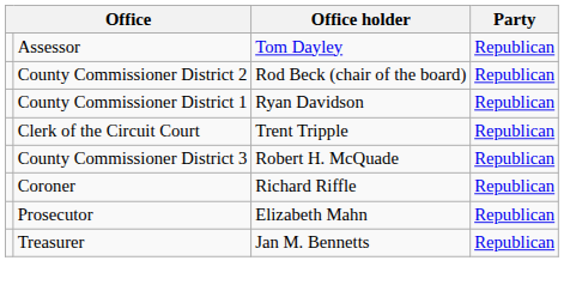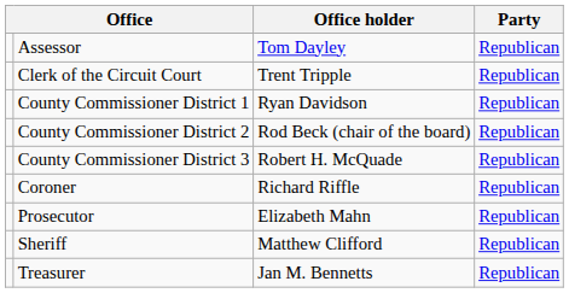 <table class="wikitable" style= margin:10px">
 <tr>
 <th colspan="2"  style="text-align:center; vertical-align:bottom;">Office</th>
 <th style="text-align:center;">Office holder</th>
 <th valign=bottom>Party</th>
 </tr>
 <tr>
 <td style="background-color:"></td>
 <td>Assessor</td>
 <td><a href='#'>Tom Dayley</a></td>
 <td style="text-align:center;"><a href='#'>Republican</a></td>
 </tr>
 <tr>
 <td style="background-color:"></td>
-<td>County Commissioner District 2</td>
-<td>Rod Beck (chair of the board)</td>
+<td>Clerk of the Circuit Court</td>
+<td>Trent Tripple</td>
 <td style="text-align:center;"><a href='#'>Republican</a></td>
 </tr>
 <tr>
 <td style="background-color:"></td>
 <td>County Commissioner District 1</td>
 <td>Ryan Davidson</td>
 <td style="text-align:center;"><a href='#'>Republican</a></td>
 </tr>
 <tr>
 <td style="background-color:"></td>
-<td>Clerk of the Circuit Court</td>
-<td>Trent Tripple</td>
+<td>County Commissioner District 2</td>
+<td>Rod Beck (chair of the board)</td>
 <td style="text-align:center;"><a href='#'>Republican</a></td>
 </tr>
 <tr>
 <td style="background-color:"></td>
 <td>County Commissioner District 3</td>
 <td>Robert H. McQuade</td>
 <td style="text-align:center;"><a href='#'>Republican</a></td>
 </tr>
 <tr>
 <td style="background-color:"></td>
 <td>Coroner</td>
 <td>Richard Riffle</td>
 <td style="text-align:center;"><a href='#'>Republican</a></td>
 </tr>
 <tr>
 <td style="background-color:"></td>
 <td>Prosecutor</td>
 <td>Elizabeth Mahn</td>
 <td style="text-align:center;"><a href='#'>Republican</a></td>
 </tr>
 <tr>
 <td style="background-color:"></td>
+<td>Sheriff</td>
+<td>Matthew Clifford</td>
+<td style="text-align:center;"><a href='#'>Republican</a></td>
+</tr>
+<tr>
+<td style="background-color:"></td>
 <td>Treasurer</td>
 <td>Jan M. Bennetts</td>
 <td style="text-align:center;"><a href='#'>Republican</a></td>
 </tr>
 </table>
